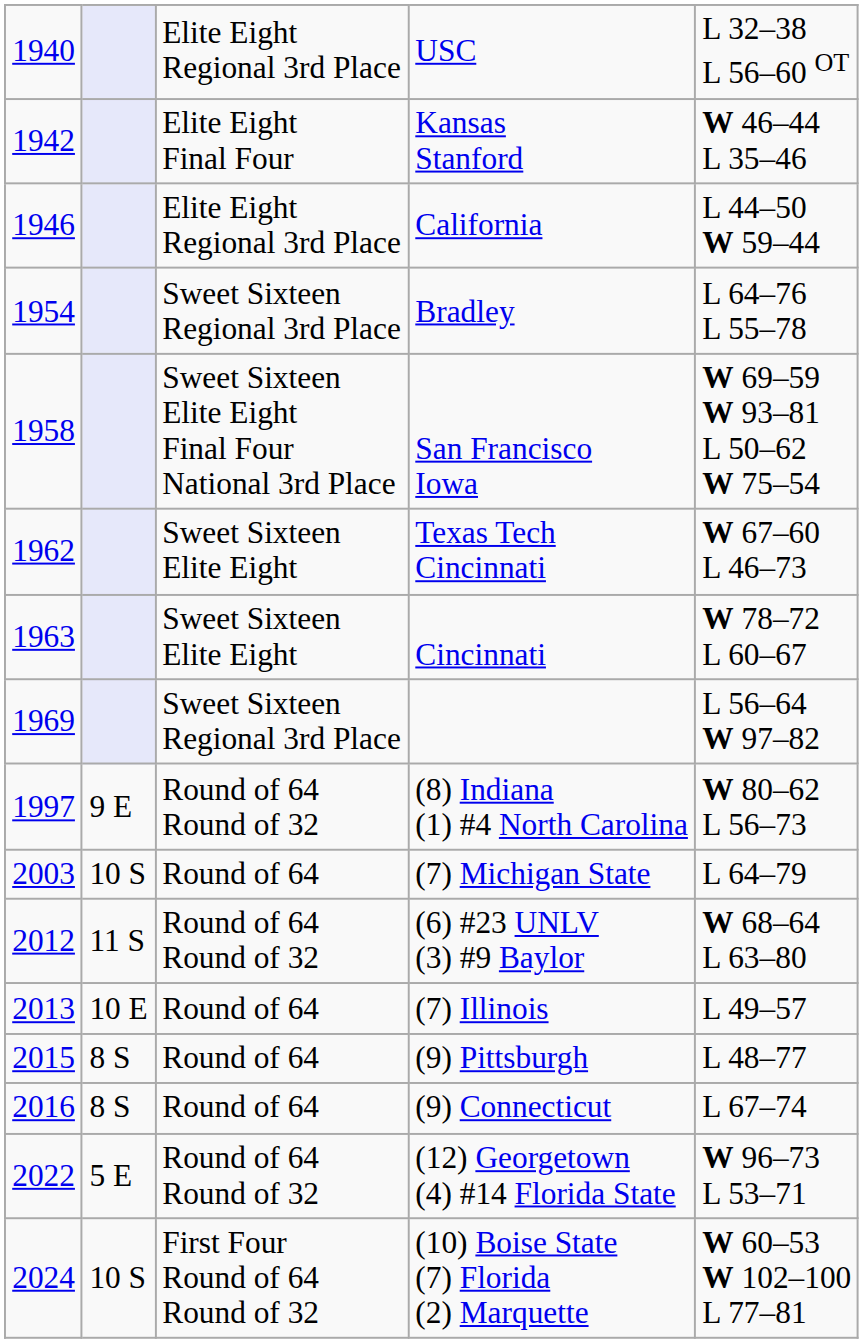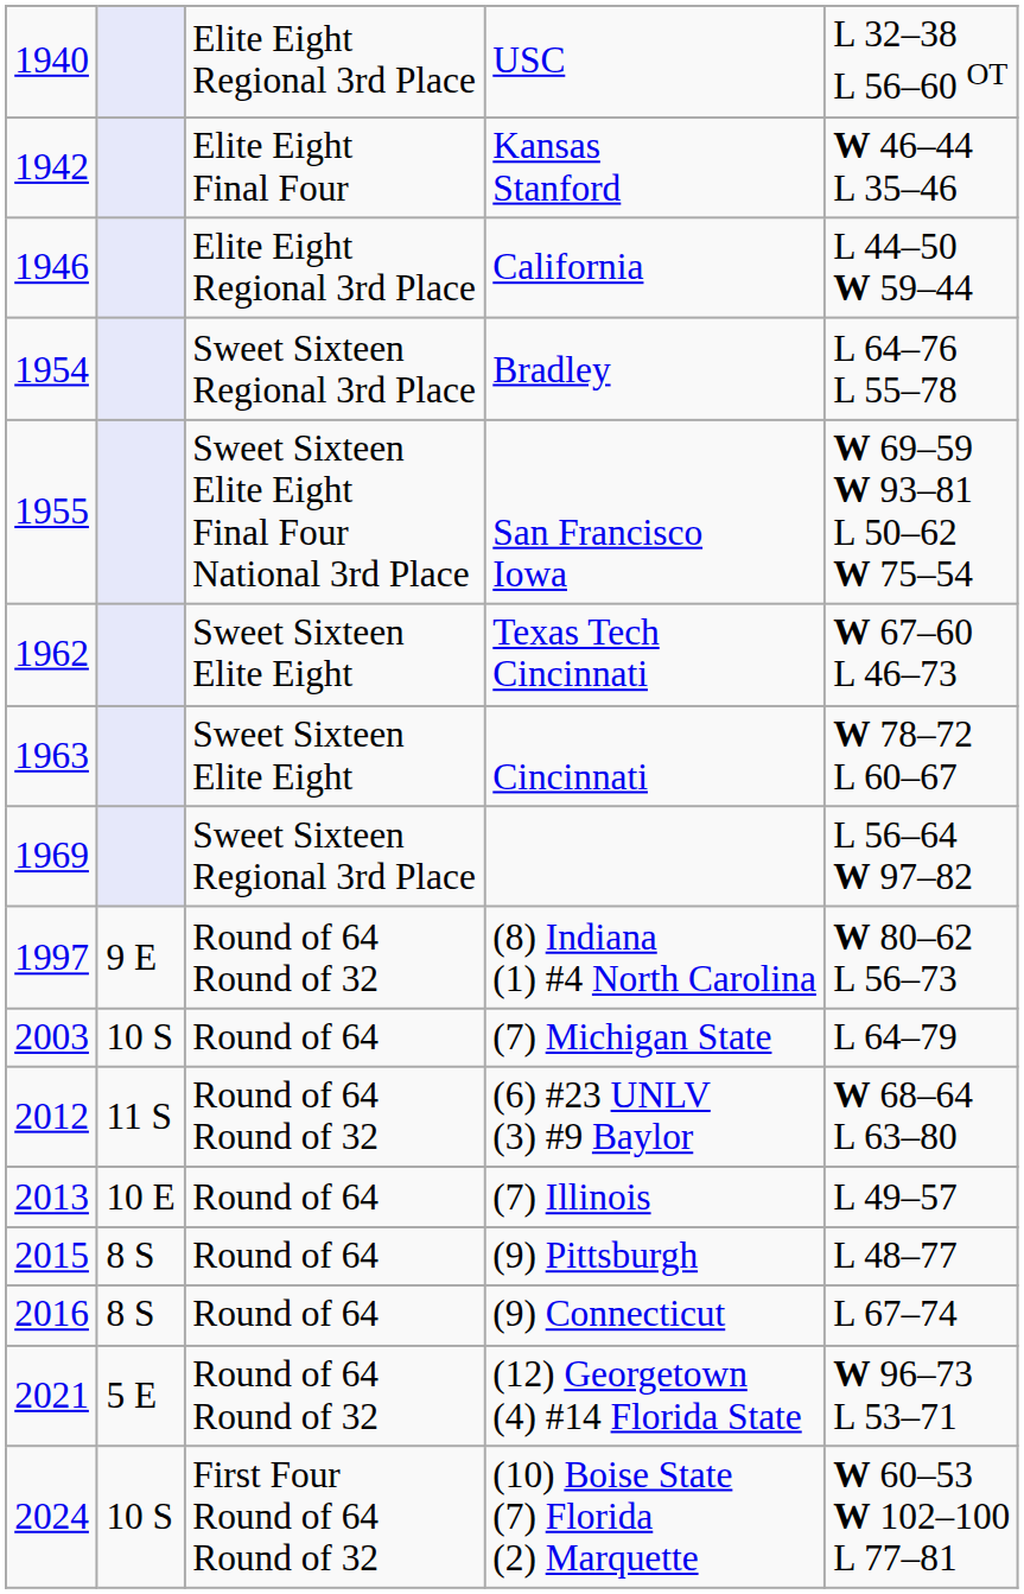 <table class=wikitable style="text–align:center">
 <tr>
 <td><a href='#'>1940</a></td>
 <td style="background:#E6E8FA;"></td>
 <td>Elite Eight<br>Regional 3rd Place</td>
 <td><a href='#'>USC</a><br></td>
 <td>L 32–38<br>L 56–60 <sup>OT</sup></td>
 </tr>
 <tr>
 <td><a href='#'>1942</a></td>
 <td style="background:#E6E8FA;"></td>
 <td>Elite Eight<br>Final Four</td>
 <td><a href='#'>Kansas</a><br><a href='#'>Stanford</a></td>
 <td><strong>W</strong> 46–44<br>L 35–46</td>
 </tr>
 <tr>
 <td><a href='#'>1946</a></td>
 <td style="background:#E6E8FA;"></td>
 <td>Elite Eight<br>Regional 3rd Place</td>
 <td><a href='#'>California</a><br></td>
 <td>L 44–50<br><strong>W</strong> 59–44</td>
 </tr>
 <tr>
 <td><a href='#'>1954</a></td>
 <td style="background:#E6E8FA;"></td>
 <td>Sweet Sixteen<br>Regional 3rd Place</td>
 <td><a href='#'>Bradley</a><br></td>
 <td>L 64–76<br>L 55–78</td>
 </tr>
 <tr>
-<td><a href='#'>1958</a></td>
+<td><a href='#'>1955</a></td>
 <td style="background:#E6E8FA;"></td>
 <td>Sweet Sixteen<br>Elite Eight<br>Final Four<br>National 3rd Place</td>
 <td><br><br><a href='#'>San Francisco</a><br><a href='#'>Iowa</a></td>
 <td><strong>W</strong> 69–59<br><strong>W</strong> 93–81<br>L 50–62<br><strong>W</strong> 75–54</td>
 </tr>
 <tr>
 <td><a href='#'>1962</a></td>
 <td style="background:#E6E8FA;"></td>
 <td>Sweet Sixteen<br>Elite Eight</td>
 <td><a href='#'>Texas Tech</a><br><a href='#'>Cincinnati</a></td>
 <td><strong>W</strong> 67–60<br>L 46–73</td>
 </tr>
 <tr>
 <td><a href='#'>1963</a></td>
 <td style="background:#E6E8FA;"></td>
 <td>Sweet Sixteen<br>Elite Eight</td>
 <td><br><a href='#'>Cincinnati</a></td>
 <td><strong>W</strong> 78–72<br>L 60–67</td>
 </tr>
 <tr>
 <td><a href='#'>1969</a></td>
 <td style="background:#E6E8FA;"></td>
 <td>Sweet Sixteen<br>Regional 3rd Place</td>
 <td><br></td>
 <td>L 56–64<br><strong>W</strong> 97–82</td>
 </tr>
 <tr>
 <td><a href='#'>1997</a></td>
 <td>9 E</td>
 <td>Round of 64<br>Round of 32</td>
 <td>(8) <a href='#'>Indiana</a><br>(1) #4 <a href='#'>North Carolina</a></td>
 <td><strong>W</strong> 80–62<br>L 56–73</td>
 </tr>
 <tr>
 <td><a href='#'>2003</a></td>
 <td>10 S</td>
 <td>Round of 64</td>
 <td>(7) <a href='#'>Michigan State</a></td>
 <td>L 64–79</td>
 </tr>
 <tr>
 <td><a href='#'>2012</a></td>
 <td>11 S</td>
 <td>Round of 64<br>Round of 32</td>
 <td>(6) #23 <a href='#'>UNLV</a><br>(3) #9 <a href='#'>Baylor</a></td>
 <td><strong>W</strong> 68–64<br>L 63–80</td>
 </tr>
 <tr>
 <td><a href='#'>2013</a></td>
 <td>10 E</td>
 <td>Round of 64</td>
 <td>(7) <a href='#'>Illinois</a></td>
 <td>L 49–57</td>
 </tr>
 <tr>
 <td><a href='#'>2015</a></td>
 <td>8 S</td>
 <td>Round of 64</td>
 <td>(9) <a href='#'>Pittsburgh</a></td>
 <td>L 48–77</td>
 </tr>
 <tr>
 <td><a href='#'>2016</a></td>
 <td>8 S</td>
 <td>Round of 64</td>
 <td>(9) <a href='#'>Connecticut</a></td>
 <td>L 67–74</td>
 </tr>
 <tr>
-<td><a href='#'>2022</a></td>
+<td><a href='#'>2021</a></td>
 <td>5 E</td>
 <td>Round of 64<br>Round of 32</td>
 <td>(12) <a href='#'>Georgetown</a><br>(4) #14 <a href='#'>Florida State</a></td>
 <td><strong>W</strong> 96–73<br>L 53–71</td>
 </tr>
 <tr>
 <td><a href='#'>2024</a></td>
 <td>10 S</td>
 <td>First Four<br>Round of 64<br>Round of 32</td>
 <td>(10) <a href='#'>Boise State</a><br>(7) <a href='#'>Florida</a><br>(2) <a href='#'>Marquette</a></td>
 <td><strong>W</strong> 60–53<br><strong>W</strong> 102–100<br>L 77–81</td>
 </tr>
 </table>
